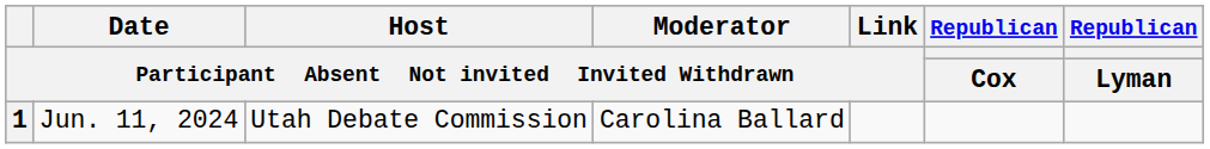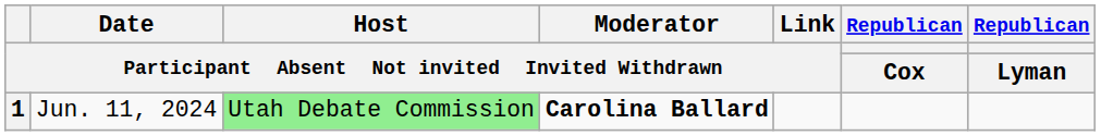 <table class="wikitable" style="text-align:center;">
 <tr>
 <th scope="col"></th>
 <th scope="col">Date</th>
 <th scope="col">Host</th>
 <th scope="col">Moderator</th>
 <th scope="col">Link</th>
 <th scope="col"><small><a href='#'>Republican</a></small></th>
 <th scope="col"><small><a href='#'>Republican</a></small></th>
 </tr>
 <tr>
 <th colspan="5" rowspan="2"> <small>Participant </small>  <small>Absent </small>  <small>Not invited </small>  <small>Invited  Withdrawn</small></th>
 <th scope="col" style="background:"></th>
 <th scope="col" style="background:"></th>
 </tr>
 <tr>
 <th scope="col">Cox</th>
 <th scope="col">Lyman</th>
 </tr>
 <tr>
 <th>1</th>
 <td style="white-space:nowrap;">Jun. 11, 2024</td>
-<td style="white-space:nowrap;">Utah Debate Commission</td>
-<td style="white-space:nowrap;">Carolina Ballard</td>
+<td style="background: lightgreen; white-space:nowrap;">Utah Debate Commission</td>
+<td style="white-space:nowrap;"><strong>Carolina Ballard</strong></td>
 <td style="white-space:nowrap;"></td>
 <td></td>
 <td></td>
 </tr>
 </table>
